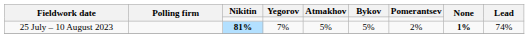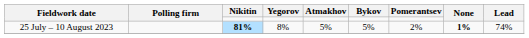 <table class=wikitable style="font-size:95%; line-height:14px; text-align:center">
 <tr>
 <th style=width:200px; rowspan=2>Fieldwork date</th>
 <th style=width:150px; rowspan=2>Polling firm</th>
 <th style="width:60px;">Nikitin</th>
 <th style="width:60px;">Yegorov</th>
 <th style="width:60px;">Atmakhov</th>
 <th style="width:60px;">Bykov</th>
 <th style="width:60px;">Pomerantsev</th>
 <th style="width:60px;" rowspan=2>None</th>
 <th style="width:60px;" rowspan="2">Lead</th>
 </tr>
 <tr>
 <td bgcolor=></td>
 <td bgcolor=></td>
 <td bgcolor=></td>
 <td bgcolor=></td>
 <td bgcolor=></td>
 </tr>
 <tr>
 <td>25 July – 10 August 2023</td>
 <td></td>
 <td style="background:#B3E0FF"><strong>81%</strong></td>
-<td>7%</td>
+<td>8%</td>
 <td>5%</td>
 <td>5%</td>
 <td>2%</td>
 <td><strong>1%</strong></td>
 <td style="background:">74%</td>
 </tr>
 <tr>
 </tr>
 </table>
